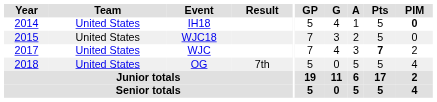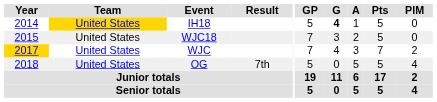 <table border="0" cellpadding="1" cellspacing="0" ID="Table3" style="text-align:center; width:40em">
 <tr ALIGN="center" bgcolor="#e0e0e0">
 <th>Year</th>
 <th>Team</th>
 <th>Event</th>
 <th>Result</th>
 <th rowspan="99" bgcolor="#ffffff"></th>
 <th>GP</th>
 <th>G</th>
 <th>A</th>
 <th>Pts</th>
 <th>PIM</th>
 </tr>
 <tr>
 <td><a href='#'>2014</a></td>
-<td><a href='#'>United States</a></td>
+<td style="background: gold;"><a href='#'>United States</a></td>
 <td><a href='#'>IH18</a></td>
 <td></td>
 <td>5</td>
-<td>4</td>
+<td><strong>4</strong></td>
 <td>1</td>
 <td>5</td>
-<td><strong>0</strong></td>
+<td>0</td>
 </tr>
 <tr bgcolor="#f0f0f0">
 <td><a href='#'>2015</a></td>
 <td>United States</td>
 <td><a href='#'>WJC18</a></td>
 <td></td>
 <td>7</td>
 <td>3</td>
 <td>2</td>
 <td>5</td>
 <td>0</td>
 </tr>
 <tr>
-<td><a href='#'>2017</a></td>
+<td style="background: gold;"><a href='#'>2017</a></td>
 <td><a href='#'>United States</a></td>
 <td><a href='#'>WJC</a></td>
 <td></td>
 <td>7</td>
 <td>4</td>
 <td>3</td>
-<td><strong>7</strong></td>
+<td>7</td>
 <td>2</td>
 </tr>
 <tr bgcolor="#f0f0f0">
 <td><a href='#'>2018</a></td>
 <td><a href='#'>United States</a></td>
 <td><a href='#'>OG</a></td>
 <td>7th</td>
 <td>5</td>
 <td>0</td>
 <td>5</td>
 <td>5</td>
 <td>4</td>
 </tr>
 <tr bgcolor="#e0e0e0">
 <th colspan="4">Junior totals</th>
 <th>19</th>
 <th>11</th>
 <th>6</th>
 <th>17</th>
 <th>2</th>
 </tr>
 <tr bgcolor="#e0e0e0">
 <th colspan="4">Senior totals</th>
 <th>5</th>
 <th>0</th>
 <th>5</th>
 <th>5</th>
 <th>4</th>
 </tr>
 </table>
